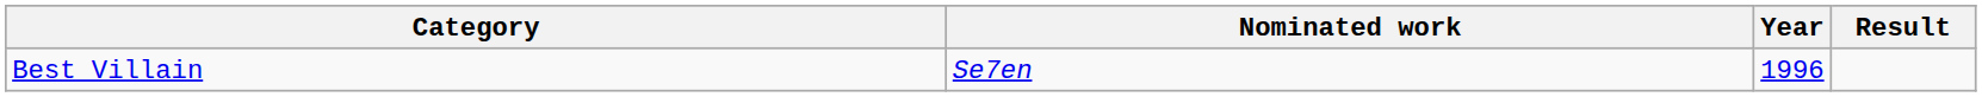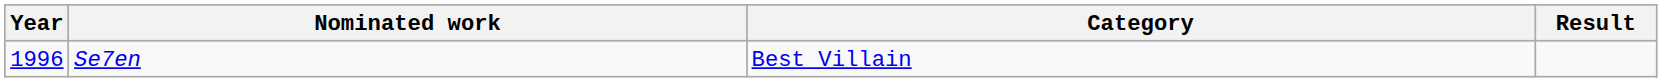 <table class="wikitable">
 <tr>
+<th scope="col" style="width:1em;">Year</th>
+<th scope="col" style="width:30em;">Nominated work</th>
 <th scope="col" style="width:35em;">Category</th>
-<th scope="col" style="width:30em;">Nominated work</th>
-<th scope="col" style="width:1em;">Year</th>
 <th scope="col" style="width:5em;">Result</th>
 </tr>
 <tr>
+<td><a href='#'>1996</a></td>
+<td><em><a href='#'>Se7en</a></em></td>
 <td><a href='#'>Best Villain</a></td>
-<td><em><a href='#'>Se7en</a></em></td>
-<td><a href='#'>1996</a></td>
 <td></td>
 </tr>
 </table>
